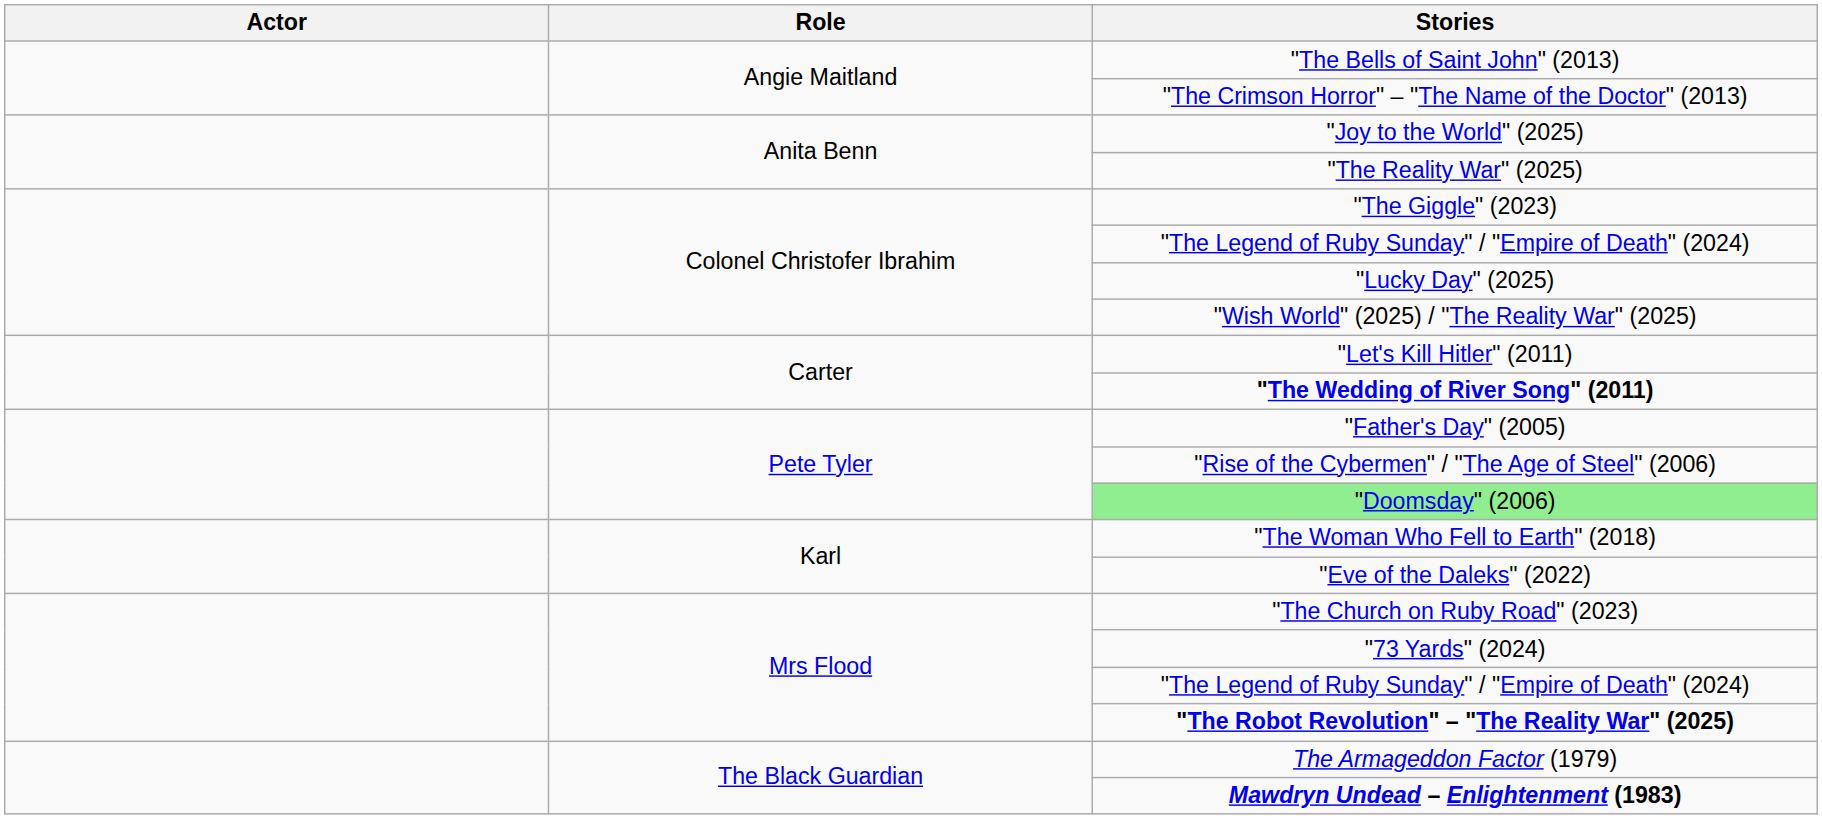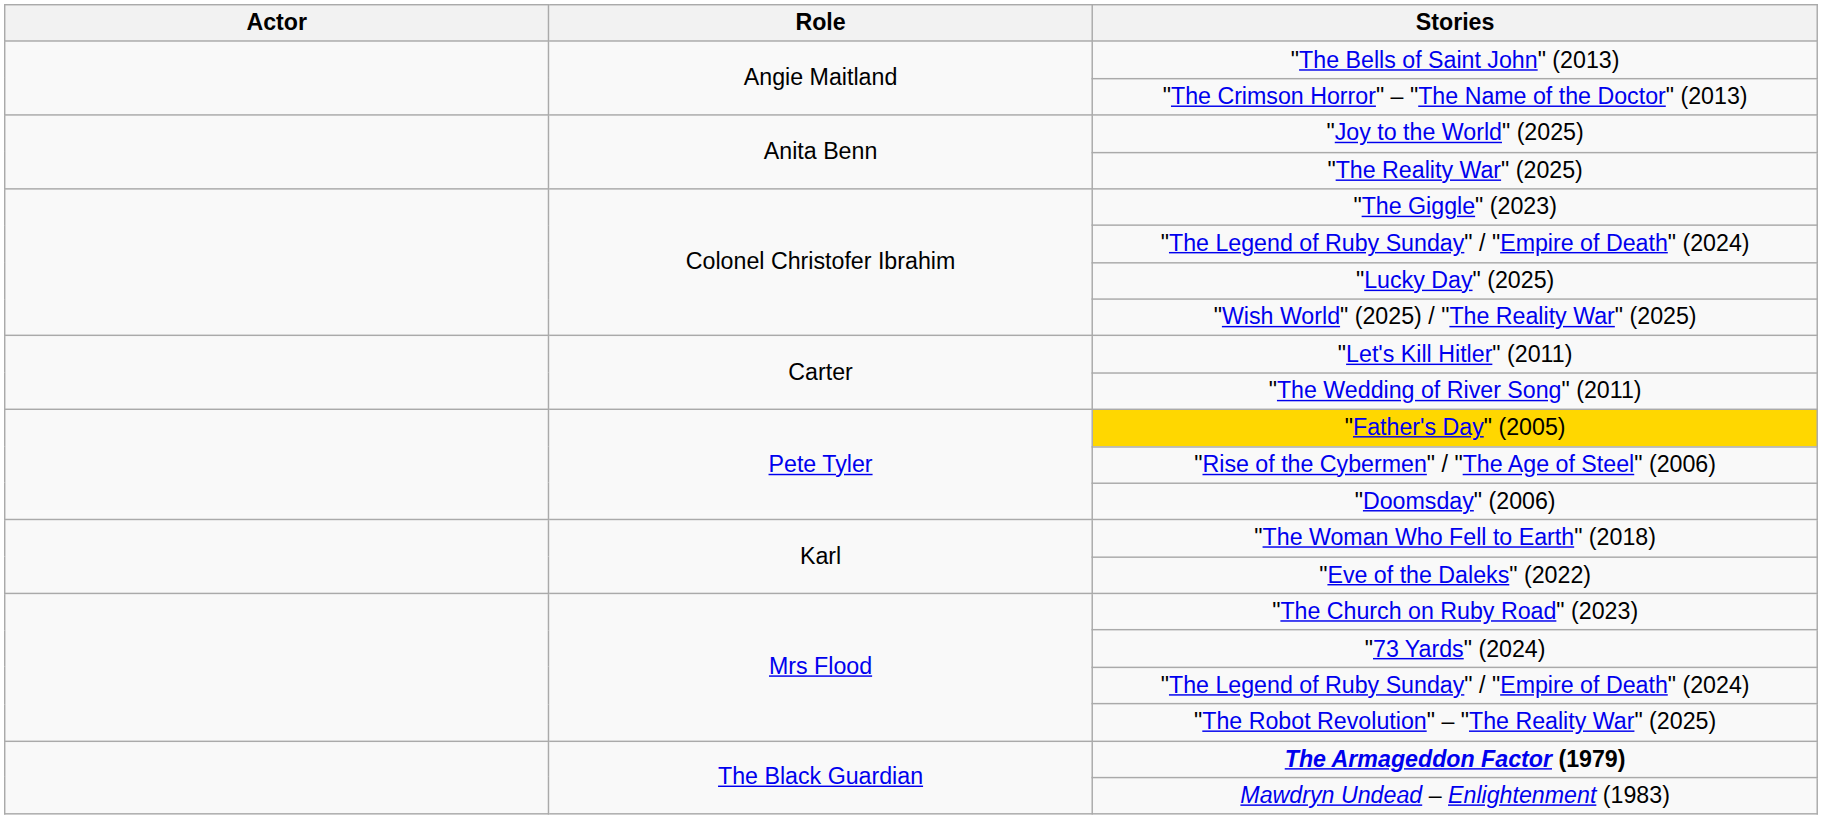 <table class="wikitable plainrowheaders sortable" style="text-align:center; width:99%;">
 <tr>
 <th style="width:30%;">Actor</th>
 <th scope="col" style="width:30%;">Role</th>
 <th scope="col" style="width:40%;">Stories</th>
 </tr>
 <tr>
 <td scope="row" rowspan="2"></td>
 <td rowspan="2">Angie Maitland</td>
 <td data-sort-value="232">"<a href='#'>The Bells of Saint John</a>" (2013)</td>
 </tr>
 <tr>
 <td data-sort-value="237">"<a href='#'>The Crimson Horror</a>" – "<a href='#'>The Name of the Doctor</a>" (2013)</td>
 </tr>
 <tr>
 <td scope="row" rowspan="2"></td>
 <td rowspan="2">Anita Benn</td>
 <td data-sort-value="311">"<a href='#'>Joy to the World</a>" (2025)</td>
 </tr>
 <tr>
 <td data-sort-value="319b">"<a href='#'>The Reality War</a>" (2025)</td>
 </tr>
 <tr>
 <td scope="row" rowspan="4"></td>
 <td rowspan="4">Colonel Christofer Ibrahim</td>
 <td data-sort-value="163">"<a href='#'>The Giggle</a>" (2023)</td>
 </tr>
 <tr>
 <td data-sort-value="311a">"<a href='#'>The Legend of Ruby Sunday</a>" / "<a href='#'>Empire of Death</a>" (2024)</td>
 </tr>
 <tr>
 <td data-sort-value="316">"<a href='#'>Lucky Day</a>" (2025)</td>
 </tr>
 <tr>
 <td data-sort-value="319a">"<a href='#'>Wish World</a>" (2025) / "<a href='#'>The Reality War</a>" (2025)</td>
 </tr>
 <tr>
 <td scope="row" rowspan="2"></td>
 <td rowspan="2">Carter</td>
 <td data-sort-value="219">"<a href='#'>Let's Kill Hitler</a>" (2011)</td>
 </tr>
 <tr>
-<td data-sort-value="224"><strong>"<a href='#'>The Wedding of River Song</a>" (2011)</strong></td>
+<td data-sort-value="224">"<a href='#'>The Wedding of River Song</a>" (2011)</td>
 </tr>
 <tr>
 <td scope="row" rowspan="3"></td>
 <td rowspan="3"><a href='#'>Pete Tyler</a></td>
-<td data-sort-value="163">"<a href='#'>Father's Day</a>" (2005)</td>
+<td data-sort-value="163" style="background: gold;">"<a href='#'>Father's Day</a>" (2005)</td>
 </tr>
 <tr>
 <td data-sort-value="172a">"<a href='#'>Rise of the Cybermen</a>" / "<a href='#'>The Age of Steel</a>" (2006)</td>
 </tr>
 <tr>
-<td data-sort-value="177b" style="background: lightgreen;">"<a href='#'>Doomsday</a>" (2006)</td>
+<td data-sort-value="177b">"<a href='#'>Doomsday</a>" (2006)</td>
 </tr>
 <tr>
 <td scope="row" rowspan="2"></td>
 <td rowspan="2">Karl</td>
 <td data-sort-value="277">"<a href='#'>The Woman Who Fell to Earth</a>" (2018)</td>
 </tr>
 <tr>
 <td data-sort-value="297">"<a href='#'>Eve of the Daleks</a>" (2022)</td>
 </tr>
 <tr>
 <td scope="row" rowspan="4"></td>
 <td rowspan="4"><a href='#'>Mrs Flood</a></td>
 <td data-sort-value="304">"<a href='#'>The Church on Ruby Road</a>" (2023)</td>
 </tr>
 <tr>
 <td data-sort-value="308">"<a href='#'>73 Yards</a>" (2024)</td>
 </tr>
 <tr>
 <td data-sort-value="311a">"<a href='#'>The Legend of Ruby Sunday</a>" / "<a href='#'>Empire of Death</a>" (2024)</td>
 </tr>
 <tr>
-<td data-sort-value="313"><strong>"<a href='#'>The Robot Revolution</a>" – "<a href='#'>The Reality War</a>" (2025)</strong></td>
+<td data-sort-value="313">"<a href='#'>The Robot Revolution</a>" – "<a href='#'>The Reality War</a>" (2025)</td>
 </tr>
 <tr>
 <td scope="row" rowspan="2"></td>
 <td rowspan="2"><a href='#'>The Black Guardian</a></td>
-<td data-sort-value="103"><em><a href='#'>The Armageddon Factor</a></em> (1979)</td>
+<td data-sort-value="103"><strong><em><a href='#'>The Armageddon Factor</a></em> (1979)</strong></td>
 </tr>
 <tr>
-<td data-sort-value="125"><strong><em><a href='#'>Mawdryn Undead</a></em> – <em><a href='#'>Enlightenment</a></em> (1983)</strong></td>
+<td data-sort-value="125"><em><a href='#'>Mawdryn Undead</a></em> – <em><a href='#'>Enlightenment</a></em> (1983)</td>
 </tr>
 </table>
